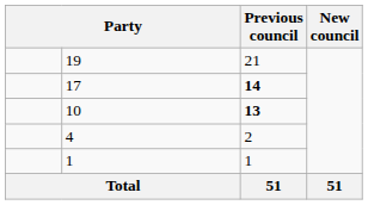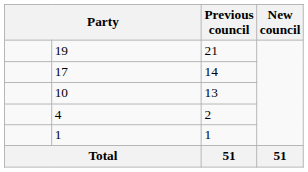 <table class="wikitable">
 <tr>
 <th valign=centre colspan="2" style="width: 230px">Party</th>
 <th valign=top style="width: 30px">Previous council</th>
 <th valign=top style="width: 30px">New council</th>
 </tr>
 <tr>
 <td></td>
 <td>19</td>
 <td>21</td>
 </tr>
 <tr>
 <td></td>
 <td>17</td>
-<td><strong>14</strong></td>
+<td>14</td>
 </tr>
 <tr>
 <td></td>
 <td>10</td>
-<td><strong>13</strong></td>
+<td>13</td>
 </tr>
 <tr>
 <td></td>
 <td>4</td>
 <td>2</td>
 </tr>
 <tr>
 <td></td>
 <td>1</td>
 <td>1</td>
 </tr>
 <tr>
 <th colspan=2>Total</th>
 <th style="text-align: center">51</th>
 <th colspan=3>51</th>
 </tr>
 </table>
